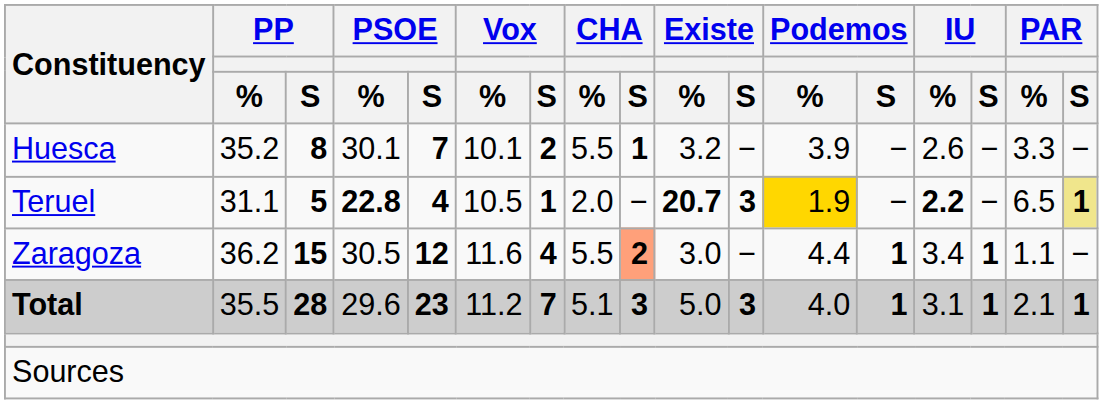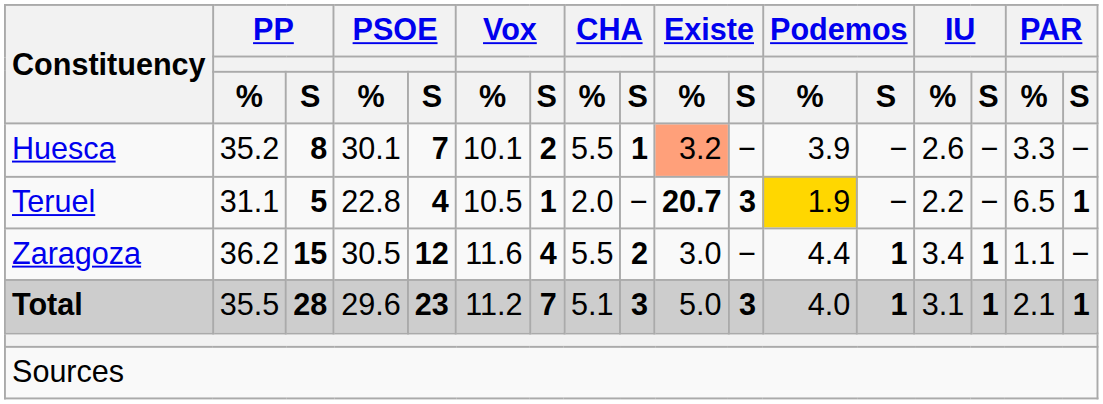 <table class="wikitable sortable" style="text-align:right; line-height:20px;">
 <tr>
 <th rowspan="3">Constituency</th>
 <th colspan="2" width="30px" class="unsortable"><a href='#'>PP</a></th>
 <th colspan="2" width="30px" class="unsortable"><a href='#'>PSOE</a></th>
 <th colspan="2" width="30px" class="unsortable"><a href='#'>Vox</a></th>
 <th colspan="2" width="30px" class="unsortable"><a href='#'>CHA</a></th>
 <th colspan="2" width="30px" class="unsortable"><a href='#'>Existe</a></th>
 <th colspan="2" width="30px" class="unsortable"><a href='#'>Podemos</a></th>
 <th colspan="2" width="30px" class="unsortable"><a href='#'>IU</a></th>
 <th colspan="2" width="30px" class="unsortable"><a href='#'>PAR</a></th>
 </tr>
 <tr>
 <th colspan="2" style="background:"></th>
 <th colspan="2" style="background:"></th>
 <th colspan="2" style="background:"></th>
 <th colspan="2" style="background:"></th>
 <th colspan="2" style="background:"></th>
 <th colspan="2" style="background:"></th>
 <th colspan="2" style="background:"></th>
 <th colspan="2" style="background:"></th>
 </tr>
 <tr>
 <th data-sort-type="number">%</th>
 <th data-sort-type="number">S</th>
 <th data-sort-type="number">%</th>
 <th data-sort-type="number">S</th>
 <th data-sort-type="number">%</th>
 <th data-sort-type="number">S</th>
 <th data-sort-type="number">%</th>
 <th data-sort-type="number">S</th>
 <th data-sort-type="number">%</th>
 <th data-sort-type="number">S</th>
 <th data-sort-type="number">%</th>
 <th data-sort-type="number">S</th>
 <th data-sort-type="number">%</th>
 <th data-sort-type="number">S</th>
 <th data-sort-type="number">%</th>
 <th data-sort-type="number">S</th>
 </tr>
 <tr>
 <td align="left"><a href='#'>Huesca</a></td>
 <td style="background:">35.2</td>
 <td><strong>8</strong></td>
 <td>30.1</td>
 <td><strong>7</strong></td>
 <td>10.1</td>
 <td><strong>2</strong></td>
 <td>5.5</td>
 <td><strong>1</strong></td>
-<td>3.2</td>
+<td style="background: lightsalmon;">3.2</td>
 <td>−</td>
 <td>3.9</td>
 <td>−</td>
 <td>2.6</td>
 <td>−</td>
 <td>3.3</td>
 <td>−</td>
 </tr>
 <tr>
 <td align="left"><a href='#'>Teruel</a></td>
 <td style="background:">31.1</td>
 <td><strong>5</strong></td>
-<td><strong>22.8</strong></td>
+<td>22.8</td>
 <td><strong>4</strong></td>
 <td>10.5</td>
 <td><strong>1</strong></td>
 <td>2.0</td>
 <td>−</td>
 <td><strong>20.7</strong></td>
 <td><strong>3</strong></td>
 <td style="background: gold;">1.9</td>
 <td>−</td>
-<td><strong>2.2</strong></td>
+<td>2.2</td>
 <td>−</td>
 <td>6.5</td>
-<td style="background: khaki;"><strong>1</strong></td>
+<td><strong>1</strong></td>
 </tr>
 <tr>
 <td align="left"><a href='#'>Zaragoza</a></td>
 <td style="background:">36.2</td>
 <td><strong>15</strong></td>
 <td>30.5</td>
 <td><strong>12</strong></td>
 <td>11.6</td>
 <td><strong>4</strong></td>
 <td>5.5</td>
-<td style="background: lightsalmon;"><strong>2</strong></td>
+<td><strong>2</strong></td>
 <td>3.0</td>
 <td>−</td>
 <td>4.4</td>
 <td><strong>1</strong></td>
 <td>3.4</td>
 <td><strong>1</strong></td>
 <td>1.1</td>
 <td>−</td>
 </tr>
 <tr style="background:#CDCDCD;">
 <td align="left"><strong>Total</strong></td>
 <td style="background:">35.5</td>
 <td><strong>28</strong></td>
 <td>29.6</td>
 <td><strong>23</strong></td>
 <td>11.2</td>
 <td><strong>7</strong></td>
 <td>5.1</td>
 <td><strong>3</strong></td>
 <td>5.0</td>
 <td><strong>3</strong></td>
 <td>4.0</td>
 <td><strong>1</strong></td>
 <td>3.1</td>
 <td><strong>1</strong></td>
 <td>2.1</td>
 <td><strong>1</strong></td>
 </tr>
 <tr>
 <th colspan="17"></th>
 </tr>
 <tr>
 <th style="text-align:left; font-weight:normal; background:#F9F9F9" colspan="17">Sources</th>
 </tr>
 </table>
